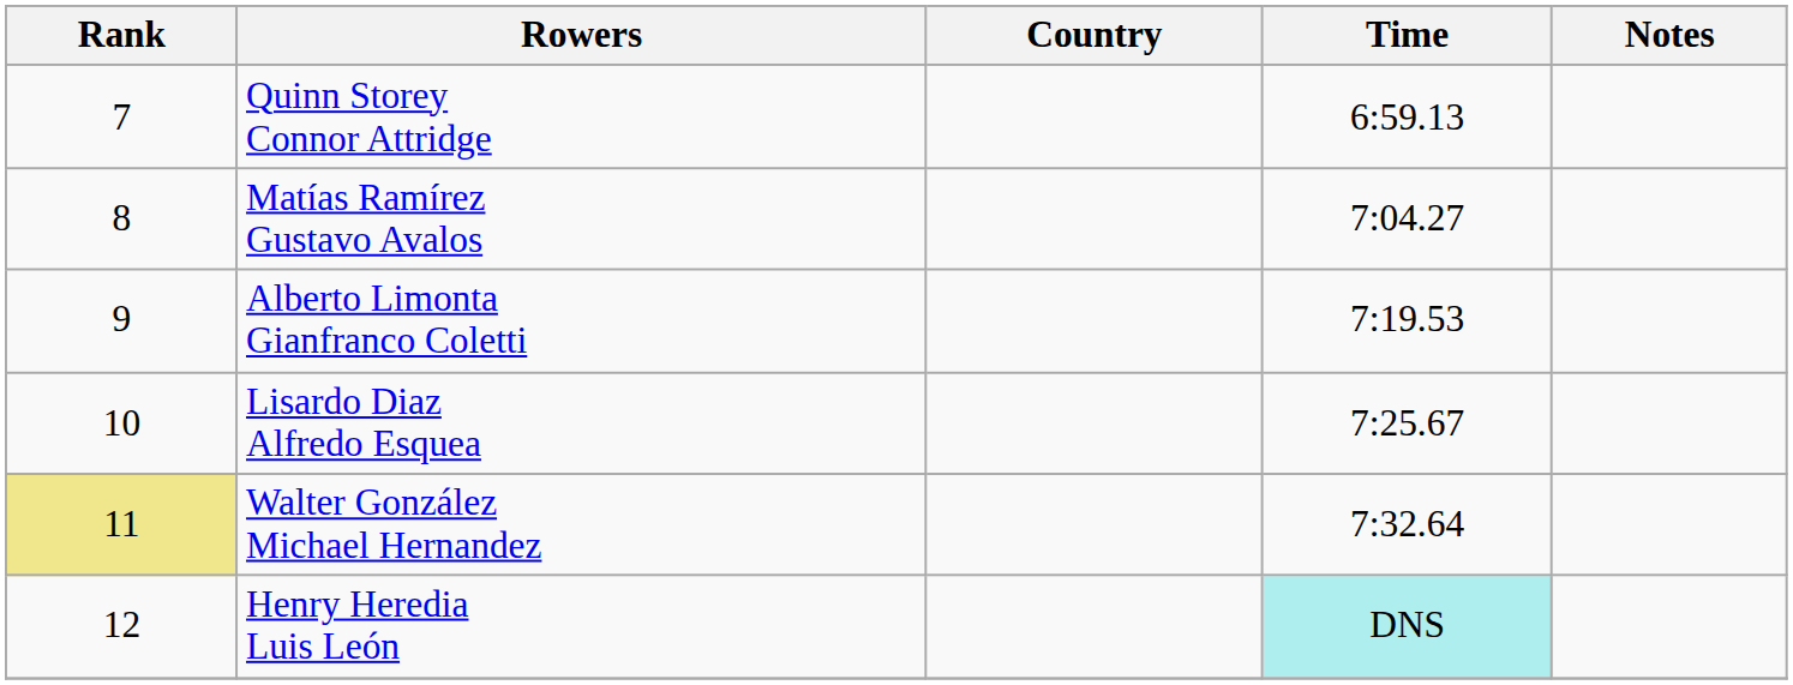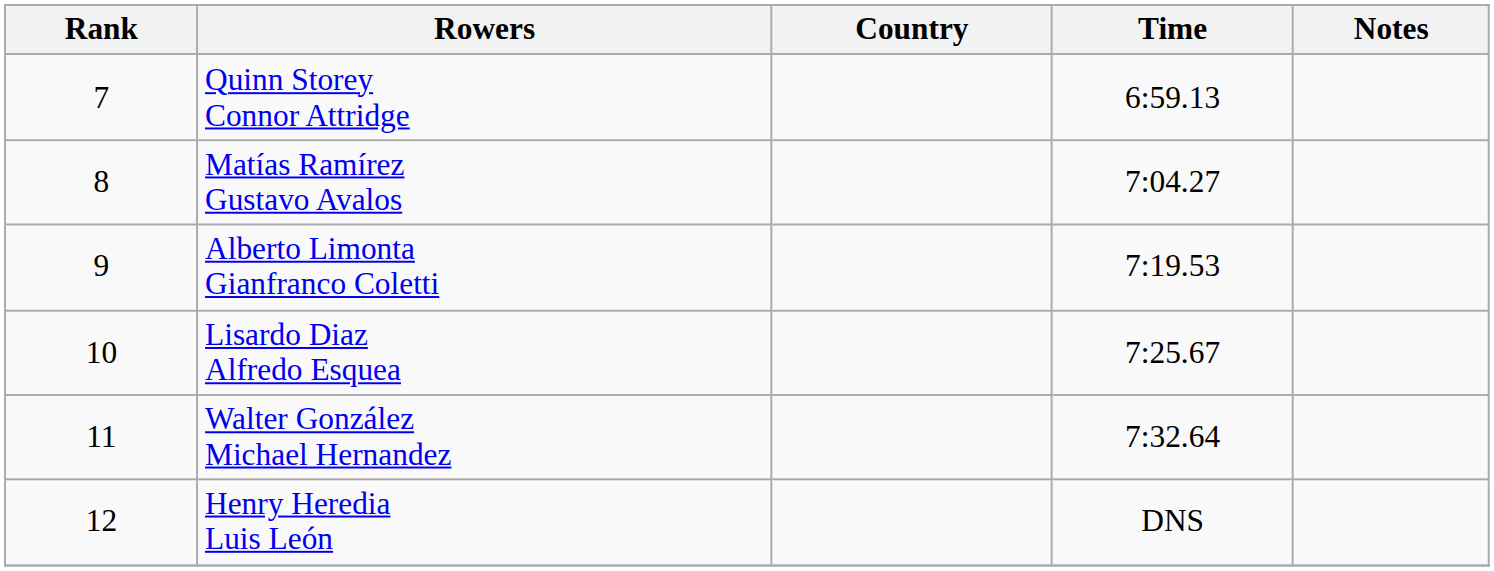 <table class="wikitable" width=60% style="text-align:center">
 <tr>
 <th>Rank</th>
 <th>Rowers</th>
 <th>Country</th>
 <th>Time</th>
 <th>Notes</th>
 </tr>
 <tr>
 <td>7</td>
 <td align=left><a href='#'>Quinn Storey</a><br><a href='#'>Connor Attridge</a></td>
 <td align=left></td>
 <td>6:59.13</td>
 <td></td>
 </tr>
 <tr>
 <td>8</td>
 <td align=left><a href='#'>Matías Ramírez</a><br><a href='#'>Gustavo Avalos</a></td>
 <td align=left></td>
 <td>7:04.27</td>
 <td></td>
 </tr>
 <tr>
 <td>9</td>
 <td align=left><a href='#'>Alberto Limonta</a><br><a href='#'>Gianfranco Coletti</a></td>
 <td align=left></td>
 <td>7:19.53</td>
 <td></td>
 </tr>
 <tr>
 <td>10</td>
 <td align=left><a href='#'>Lisardo Diaz</a><br><a href='#'>Alfredo Esquea</a></td>
 <td align=left></td>
 <td>7:25.67</td>
 <td></td>
 </tr>
 <tr>
-<td style="background: khaki;">11</td>
+<td>11</td>
 <td align=left><a href='#'>Walter González</a><br><a href='#'>Michael Hernandez</a></td>
 <td align=left></td>
 <td>7:32.64</td>
 <td></td>
 </tr>
 <tr>
 <td>12</td>
 <td align=left><a href='#'>Henry Heredia</a><br><a href='#'>Luis León</a></td>
 <td align=left></td>
-<td style="background: paleturquoise;">DNS</td>
+<td>DNS</td>
 <td></td>
 </tr>
 <tr>
 </tr>
 </table>
